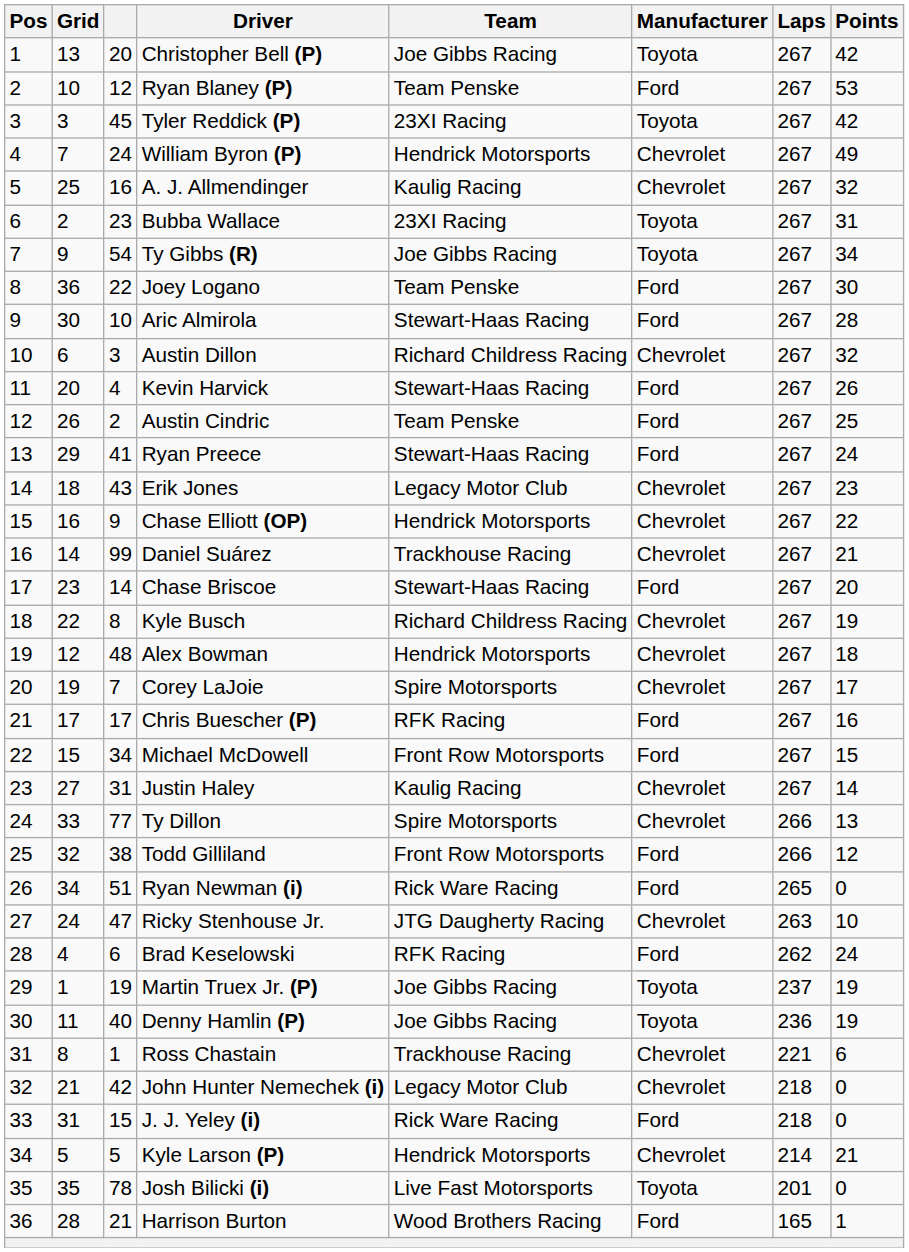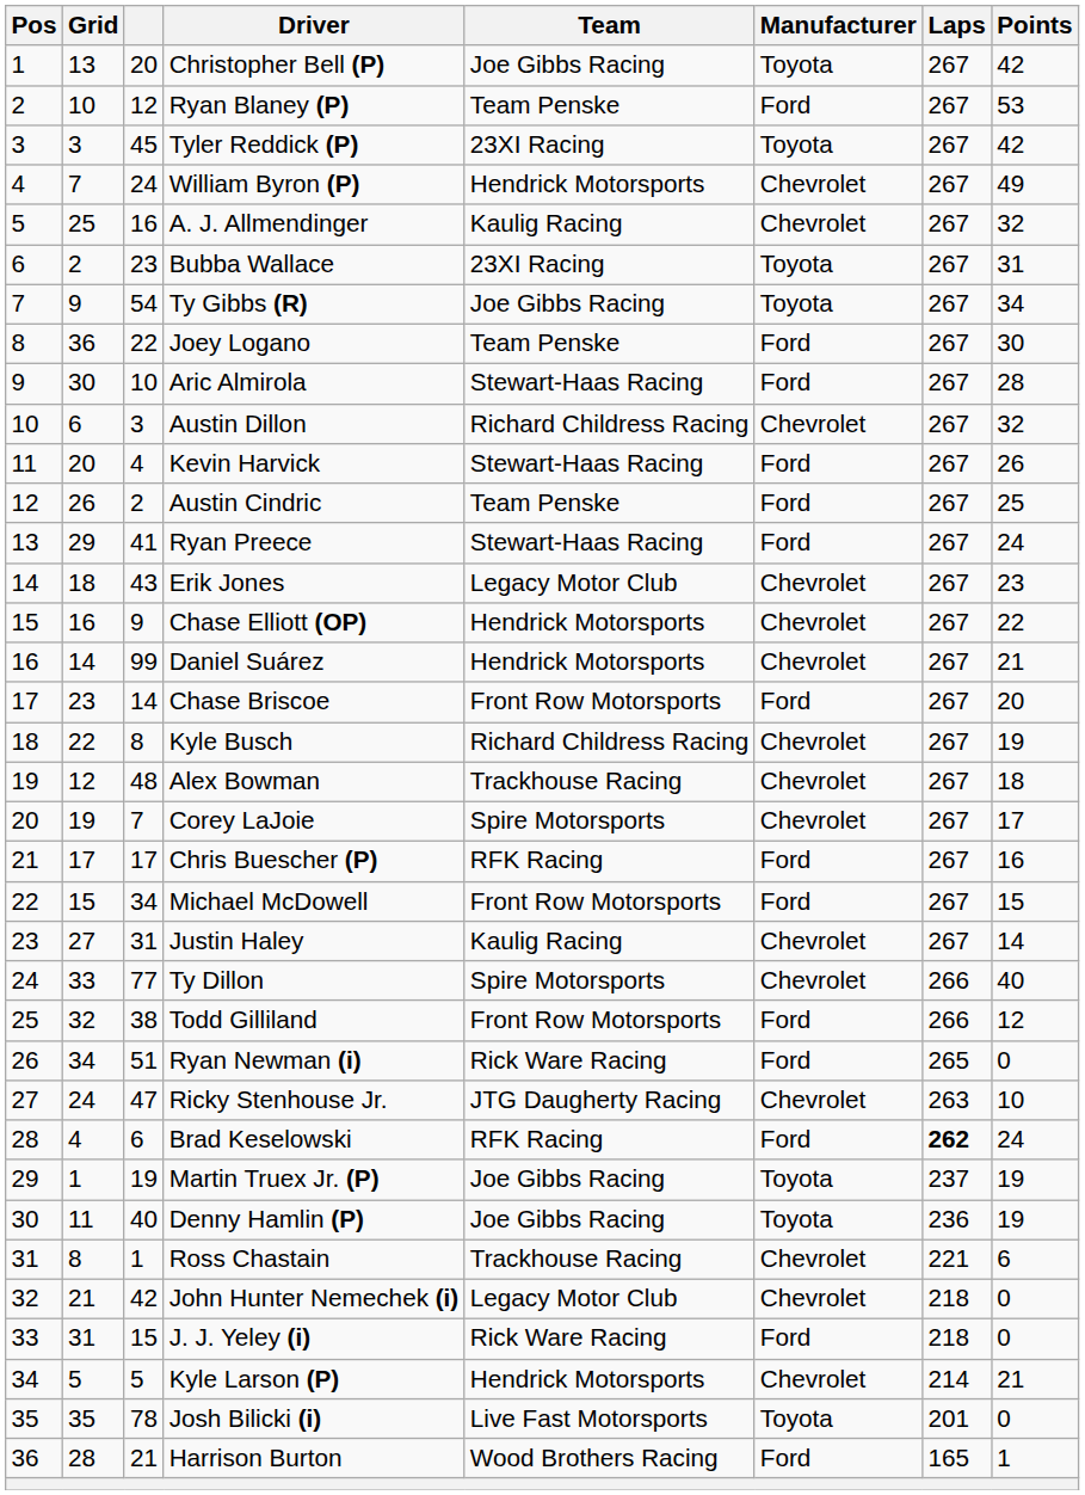 <table class="wikitable" style="font-size:98%">
 <tr>
 <th>Pos</th>
 <th>Grid</th>
 <th></th>
 <th>Driver</th>
 <th>Team</th>
 <th>Manufacturer</th>
 <th>Laps</th>
 <th>Points</th>
 </tr>
 <tr>
 <td>1</td>
 <td>13</td>
 <td>20</td>
 <td>Christopher Bell <strong>(P)</strong></td>
 <td>Joe Gibbs Racing</td>
 <td>Toyota</td>
 <td>267</td>
 <td>42</td>
 </tr>
 <tr>
 <td>2</td>
 <td>10</td>
 <td>12</td>
 <td>Ryan Blaney <strong>(P)</strong></td>
 <td>Team Penske</td>
 <td>Ford</td>
 <td>267</td>
 <td>53</td>
 </tr>
 <tr>
 <td>3</td>
 <td>3</td>
 <td>45</td>
 <td>Tyler Reddick <strong>(P)</strong></td>
 <td>23XI Racing</td>
 <td>Toyota</td>
 <td>267</td>
 <td>42</td>
 </tr>
 <tr>
 <td>4</td>
 <td>7</td>
 <td>24</td>
 <td>William Byron <strong>(P)</strong></td>
 <td>Hendrick Motorsports</td>
 <td>Chevrolet</td>
 <td>267</td>
 <td>49</td>
 </tr>
 <tr>
 <td>5</td>
 <td>25</td>
 <td>16</td>
 <td>A. J. Allmendinger</td>
 <td>Kaulig Racing</td>
 <td>Chevrolet</td>
 <td>267</td>
 <td>32</td>
 </tr>
 <tr>
 <td>6</td>
 <td>2</td>
 <td>23</td>
 <td>Bubba Wallace</td>
 <td>23XI Racing</td>
 <td>Toyota</td>
 <td>267</td>
 <td>31</td>
 </tr>
 <tr>
 <td>7</td>
 <td>9</td>
 <td>54</td>
 <td>Ty Gibbs <strong>(R)</strong></td>
 <td>Joe Gibbs Racing</td>
 <td>Toyota</td>
 <td>267</td>
 <td>34</td>
 </tr>
 <tr>
 <td>8</td>
 <td>36</td>
 <td>22</td>
 <td>Joey Logano</td>
 <td>Team Penske</td>
 <td>Ford</td>
 <td>267</td>
 <td>30</td>
 </tr>
 <tr>
 <td>9</td>
 <td>30</td>
 <td>10</td>
 <td>Aric Almirola</td>
 <td>Stewart-Haas Racing</td>
 <td>Ford</td>
 <td>267</td>
 <td>28</td>
 </tr>
 <tr>
 <td>10</td>
 <td>6</td>
 <td>3</td>
 <td>Austin Dillon</td>
 <td>Richard Childress Racing</td>
 <td>Chevrolet</td>
 <td>267</td>
 <td>32</td>
 </tr>
 <tr>
 <td>11</td>
 <td>20</td>
 <td>4</td>
 <td>Kevin Harvick</td>
 <td>Stewart-Haas Racing</td>
 <td>Ford</td>
 <td>267</td>
 <td>26</td>
 </tr>
 <tr>
 <td>12</td>
 <td>26</td>
 <td>2</td>
 <td>Austin Cindric</td>
 <td>Team Penske</td>
 <td>Ford</td>
 <td>267</td>
 <td>25</td>
 </tr>
 <tr>
 <td>13</td>
 <td>29</td>
 <td>41</td>
 <td>Ryan Preece</td>
 <td>Stewart-Haas Racing</td>
 <td>Ford</td>
 <td>267</td>
 <td>24</td>
 </tr>
 <tr>
 <td>14</td>
 <td>18</td>
 <td>43</td>
 <td>Erik Jones</td>
 <td>Legacy Motor Club</td>
 <td>Chevrolet</td>
 <td>267</td>
 <td>23</td>
 </tr>
 <tr>
 <td>15</td>
 <td>16</td>
 <td>9</td>
 <td>Chase Elliott <strong>(OP)</strong></td>
 <td>Hendrick Motorsports</td>
 <td>Chevrolet</td>
 <td>267</td>
 <td>22</td>
 </tr>
 <tr>
 <td>16</td>
 <td>14</td>
 <td>99</td>
 <td>Daniel Suárez</td>
-<td>Trackhouse Racing</td>
+<td>Hendrick Motorsports</td>
 <td>Chevrolet</td>
 <td>267</td>
 <td>21</td>
 </tr>
 <tr>
 <td>17</td>
 <td>23</td>
 <td>14</td>
 <td>Chase Briscoe</td>
-<td>Stewart-Haas Racing</td>
+<td>Front Row Motorsports</td>
 <td>Ford</td>
 <td>267</td>
 <td>20</td>
 </tr>
 <tr>
 <td>18</td>
 <td>22</td>
 <td>8</td>
 <td>Kyle Busch</td>
 <td>Richard Childress Racing</td>
 <td>Chevrolet</td>
 <td>267</td>
 <td>19</td>
 </tr>
 <tr>
 <td>19</td>
 <td>12</td>
 <td>48</td>
 <td>Alex Bowman</td>
-<td>Hendrick Motorsports</td>
+<td>Trackhouse Racing</td>
 <td>Chevrolet</td>
 <td>267</td>
 <td>18</td>
 </tr>
 <tr>
 <td>20</td>
 <td>19</td>
 <td>7</td>
 <td>Corey LaJoie</td>
 <td>Spire Motorsports</td>
 <td>Chevrolet</td>
 <td>267</td>
 <td>17</td>
 </tr>
 <tr>
 <td>21</td>
 <td>17</td>
 <td>17</td>
 <td>Chris Buescher <strong>(P)</strong></td>
 <td>RFK Racing</td>
 <td>Ford</td>
 <td>267</td>
 <td>16</td>
 </tr>
 <tr>
 <td>22</td>
 <td>15</td>
 <td>34</td>
 <td>Michael McDowell</td>
 <td>Front Row Motorsports</td>
 <td>Ford</td>
 <td>267</td>
 <td>15</td>
 </tr>
 <tr>
 <td>23</td>
 <td>27</td>
 <td>31</td>
 <td>Justin Haley</td>
 <td>Kaulig Racing</td>
 <td>Chevrolet</td>
 <td>267</td>
 <td>14</td>
 </tr>
 <tr>
 <td>24</td>
 <td>33</td>
 <td>77</td>
 <td>Ty Dillon</td>
 <td>Spire Motorsports</td>
 <td>Chevrolet</td>
 <td>266</td>
-<td>13</td>
+<td>40</td>
 </tr>
 <tr>
 <td>25</td>
 <td>32</td>
 <td>38</td>
 <td>Todd Gilliland</td>
 <td>Front Row Motorsports</td>
 <td>Ford</td>
 <td>266</td>
 <td>12</td>
 </tr>
 <tr>
 <td>26</td>
 <td>34</td>
 <td>51</td>
 <td>Ryan Newman <strong>(i)</strong></td>
 <td>Rick Ware Racing</td>
 <td>Ford</td>
 <td>265</td>
 <td>0</td>
 </tr>
 <tr>
 <td>27</td>
 <td>24</td>
 <td>47</td>
 <td>Ricky Stenhouse Jr.</td>
 <td>JTG Daugherty Racing</td>
 <td>Chevrolet</td>
 <td>263</td>
 <td>10</td>
 </tr>
 <tr>
 <td>28</td>
 <td>4</td>
 <td>6</td>
 <td>Brad Keselowski</td>
 <td>RFK Racing</td>
 <td>Ford</td>
-<td>262</td>
+<td><strong>262</strong></td>
 <td>24</td>
 </tr>
 <tr>
 <td>29</td>
 <td>1</td>
 <td>19</td>
 <td>Martin Truex Jr. <strong>(P)</strong></td>
 <td>Joe Gibbs Racing</td>
 <td>Toyota</td>
 <td>237</td>
 <td>19</td>
 </tr>
 <tr>
 <td>30</td>
 <td>11</td>
 <td>40</td>
 <td>Denny Hamlin <strong>(P)</strong></td>
 <td>Joe Gibbs Racing</td>
 <td>Toyota</td>
 <td>236</td>
 <td>19</td>
 </tr>
 <tr>
 <td>31</td>
 <td>8</td>
 <td>1</td>
 <td>Ross Chastain</td>
 <td>Trackhouse Racing</td>
 <td>Chevrolet</td>
 <td>221</td>
 <td>6</td>
 </tr>
 <tr>
 <td>32</td>
 <td>21</td>
 <td>42</td>
 <td>John Hunter Nemechek <strong>(i)</strong></td>
 <td>Legacy Motor Club</td>
 <td>Chevrolet</td>
 <td>218</td>
 <td>0</td>
 </tr>
 <tr>
 <td>33</td>
 <td>31</td>
 <td>15</td>
 <td>J. J. Yeley <strong>(i)</strong></td>
 <td>Rick Ware Racing</td>
 <td>Ford</td>
 <td>218</td>
 <td>0</td>
 </tr>
 <tr>
 <td>34</td>
 <td>5</td>
 <td>5</td>
 <td>Kyle Larson <strong>(P)</strong></td>
 <td>Hendrick Motorsports</td>
 <td>Chevrolet</td>
 <td>214</td>
 <td>21</td>
 </tr>
 <tr>
 <td>35</td>
 <td>35</td>
 <td>78</td>
 <td>Josh Bilicki <strong>(i)</strong></td>
 <td>Live Fast Motorsports</td>
 <td>Toyota</td>
 <td>201</td>
 <td>0</td>
 </tr>
 <tr>
 <td>36</td>
 <td>28</td>
 <td>21</td>
 <td>Harrison Burton</td>
 <td>Wood Brothers Racing</td>
 <td>Ford</td>
 <td>165</td>
 <td>1</td>
 </tr>
 <tr>
 <th colspan="8"></th>
 </tr>
 </table>
